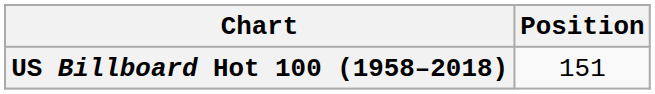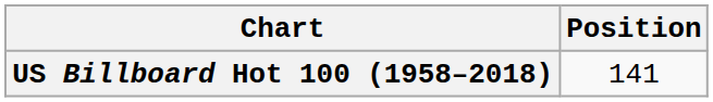 <table class="wikitable plainrowheaders" style="text-align:center">
 <tr>
 <th>Chart</th>
 <th>Position</th>
 </tr>
 <tr>
 <th scope="row">US <em>Billboard</em> Hot 100 (1958–2018)</th>
-<td>151</td>
+<td>141</td>
 </tr>
 </table>
